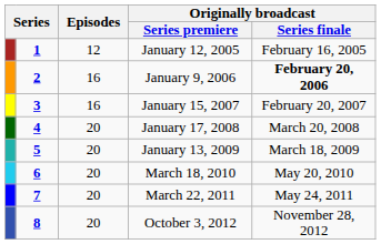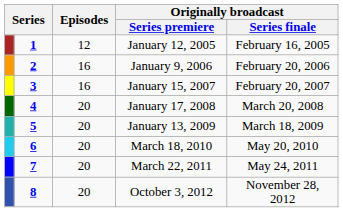 <table class="wikitable plainrowheaders" style="text-align: center;">
 <tr>
 <th scope="col" style="padding: 0 9px;" colspan="2" rowspan="2">Series</th>
 <th scope="col" style="padding: 0 9px;" rowspan="2">Episodes</th>
 <th scope="col" style="padding: 0 9px;" colspan="2">Originally broadcast</th>
 </tr>
 <tr>
 <th scope="col" style="padding: 0 9px; width:120px;"><a href='#'>Series premiere</a></th>
 <th scope="col" style="padding: 0 9px; width:120px;"><a href='#'>Series finale</a></th>
 </tr>
 <tr>
 <td scope="row"  style="background:#A92422; width:5px;; height:10px;"></td>
 <td><strong><a href='#'>1</a></strong></td>
 <td>12</td>
 <td style="padding: 0 8px;">January 12, 2005</td>
 <td style="padding: 0 8px;">February 16, 2005</td>
 </tr>
 <tr>
 <td scope="row"  style="background:#ff9900; height:10px;"></td>
 <td><strong><a href='#'>2</a></strong></td>
 <td>16</td>
 <td style="padding: 0 8px;">January 9, 2006</td>
-<td style="padding: 0 8px;"><strong>February 20, 2006</strong></td>
+<td style="padding: 0 8px;">February 20, 2006</td>
 </tr>
 <tr>
 <td scope="row"  style="background:#FFFF00; height:10px;"></td>
 <td><strong><a href='#'>3</a></strong></td>
 <td>16</td>
 <td style="padding: 0 8px;">January 15, 2007</td>
 <td style="padding: 0 8px;">February 20, 2007</td>
 </tr>
 <tr>
 <td scope="row"  style="background:#006600; height:10px;"></td>
 <td><strong><a href='#'>4</a></strong></td>
 <td>20</td>
 <td style="padding: 0 8px;">January 17, 2008</td>
 <td style="padding: 0 8px;">March 20, 2008</td>
 </tr>
 <tr>
 <td scope="row"  style="background:#20b2aa; height:10px;"></td>
 <td><strong><a href='#'>5</a></strong></td>
 <td>20</td>
 <td style="padding: 0 8px;">January 13, 2009</td>
 <td style="padding: 0 8px;">March 18, 2009</td>
 </tr>
 <tr>
 <td scope="row"  style="background:#20ccee; height:10px;"></td>
 <td><strong><a href='#'>6</a></strong></td>
 <td>20</td>
 <td style="padding: 0 8px;">March 18, 2010</td>
 <td style="padding: 0 8px;">May 20, 2010</td>
 </tr>
 <tr>
 <td scope="row"  style="background:Blue; height:10px;"></td>
 <td><strong><a href='#'>7</a></strong></td>
 <td>20</td>
 <td style="padding: 0 8px;">March 22, 2011</td>
 <td style="padding: 0 8px;">May 24, 2011</td>
 </tr>
 <tr>
 <td scope="row"  style="background:#3251AE; height:10px;"></td>
 <td><strong><a href='#'>8</a></strong></td>
 <td>20</td>
 <td style="padding: 0 8px;">October 3, 2012</td>
 <td style="padding: 0 8px;">November 28, 2012</td>
 </tr>
 </table>
